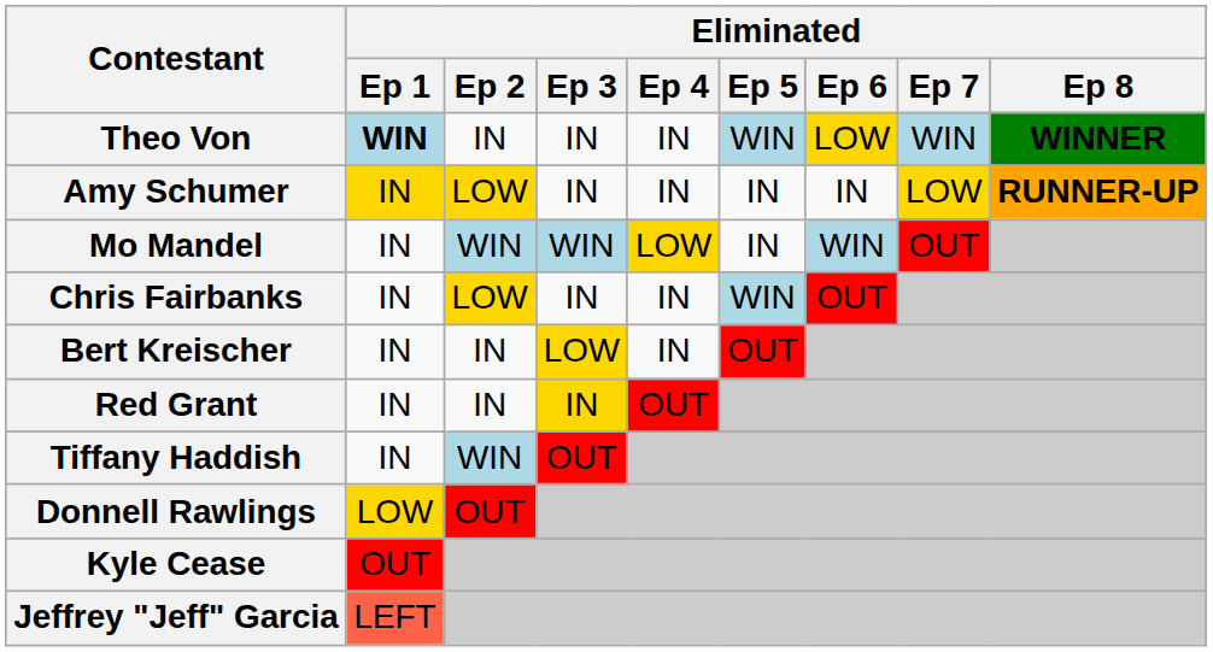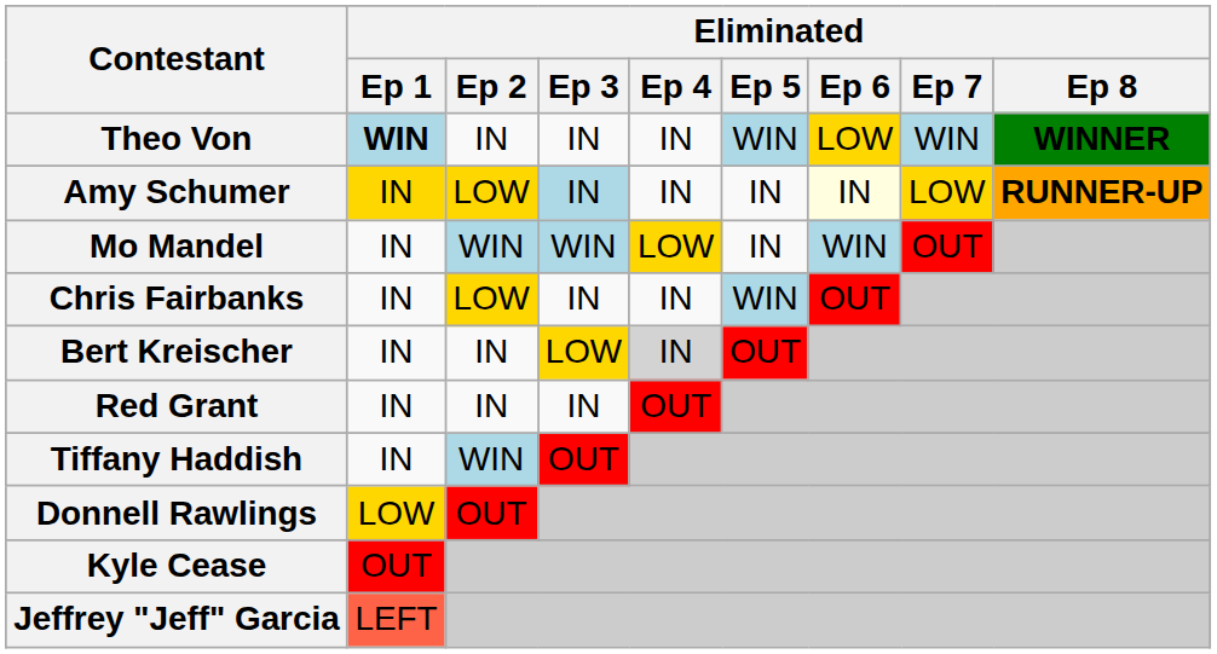 <table class="wikitable" style="text-align:center">
 <tr>
 <th rowspan="2">Contestant</th>
 <th colspan="8">Eliminated</th>
 </tr>
 <tr>
 <th>Ep 1</th>
 <th>Ep 2</th>
 <th>Ep 3</th>
 <th>Ep 4</th>
 <th>Ep 5</th>
 <th>Ep 6</th>
 <th>Ep 7</th>
 <th>Ep 8</th>
 </tr>
 <tr>
 <th>Theo Von</th>
 <td style="background:lightblue;"><strong>WIN</strong></td>
 <td>IN</td>
 <td>IN</td>
 <td>IN</td>
 <td style="background:lightblue;">WIN</td>
 <td style="background:gold;">LOW</td>
 <td style="background:lightblue;">WIN</td>
 <td style="background:green;"><strong>WINNER</strong></td>
 </tr>
 <tr>
 <th>Amy Schumer</th>
 <td style="background: gold;">IN</td>
 <td style="background:gold;">LOW</td>
+<td style="background: lightblue;">IN</td>
 <td>IN</td>
 <td>IN</td>
-<td>IN</td>
-<td>IN</td>
+<td style="background: lightyellow;">IN</td>
 <td style="background:gold;">LOW</td>
 <td style="background:orange;"><strong>RUNNER-UP</strong></td>
 </tr>
 <tr>
 <th>Mo Mandel</th>
 <td>IN</td>
 <td style="background:lightblue;">WIN</td>
 <td style="background:lightblue;">WIN</td>
 <td style="background:gold;">LOW</td>
 <td>IN</td>
 <td style="background:lightblue;">WIN</td>
 <td style="background:red;">OUT</td>
 <td style="background:#CCCCCC;"></td>
 </tr>
 <tr>
 <th>Chris Fairbanks</th>
 <td>IN</td>
 <td style="background:gold;">LOW</td>
 <td>IN</td>
 <td>IN</td>
 <td style="background:lightblue;">WIN</td>
 <td style="background:red;">OUT</td>
 <td style="background:#CCCCCC;" colspan="7"></td>
 </tr>
 <tr>
 <th>Bert Kreischer</th>
 <td>IN</td>
 <td>IN</td>
 <td style="background:gold;">LOW</td>
-<td>IN</td>
+<td style="background: lightgrey;">IN</td>
 <td style="background:red;">OUT</td>
 <td style="background:#CCCCCC;" colspan="7"></td>
 </tr>
 <tr>
 <th>Red Grant</th>
 <td>IN</td>
 <td>IN</td>
-<td style="background: gold;">IN</td>
+<td>IN</td>
 <td style="background:red;">OUT</td>
 <td style="background:#CCCCCC;" colspan="7"></td>
 </tr>
 <tr>
 <th>Tiffany Haddish</th>
 <td>IN</td>
 <td style="background:lightblue;">WIN</td>
 <td style="background:red;">OUT</td>
 <td style="background:#CCCCCC;" colspan="7"></td>
 </tr>
 <tr>
 <th>Donnell Rawlings</th>
 <td style="background:gold;">LOW</td>
 <td style="background:red;">OUT</td>
 <td style="background:#CCCCCC;" colspan="7"></td>
 </tr>
 <tr>
 <th>Kyle Cease</th>
 <td style="background:red;">OUT</td>
 <td style="background:#CCCCCC;" colspan="7"></td>
 </tr>
 <tr>
 <th>Jeffrey "Jeff" Garcia</th>
 <td style="background:tomato;">LEFT</td>
 <td style="background:#CCCCCC;" colspan="7"></td>
 </tr>
 </table>
